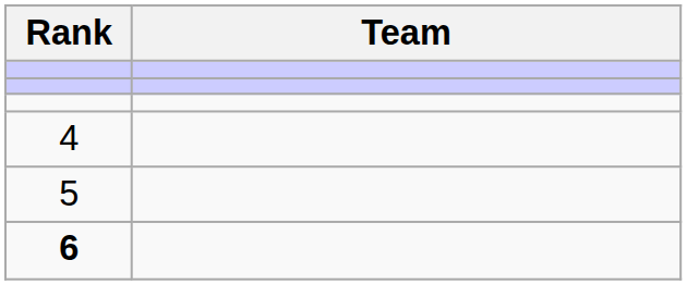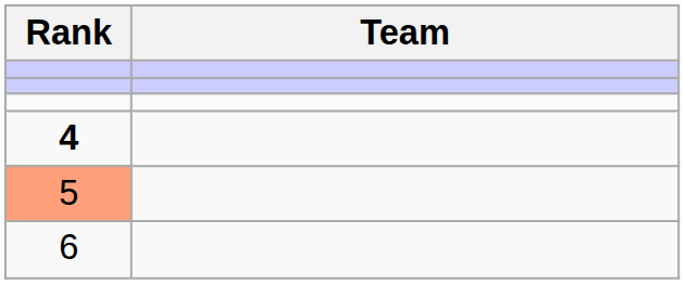 <table class="wikitable" style="text-align: center;">
 <tr>
 <th width=50>Rank</th>
 <th width=240>Team</th>
 </tr>
 <tr bgcolor=ccccff>
 <td></td>
 <td align=left></td>
 </tr>
 <tr bgcolor=ccccff>
 <td></td>
 <td align=left></td>
 </tr>
 <tr>
 <td></td>
 <td align=left></td>
 </tr>
 <tr>
-<td>4</td>
+<td><strong>4</strong></td>
 <td align=left></td>
 </tr>
 <tr>
-<td>5</td>
+<td style="background: lightsalmon;">5</td>
 <td align=left></td>
 </tr>
 <tr>
-<td><strong>6</strong></td>
+<td>6</td>
 <td align=left></td>
 </tr>
 </table>
